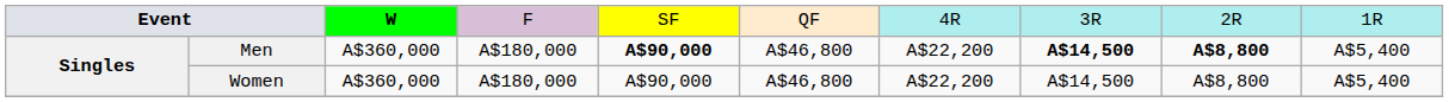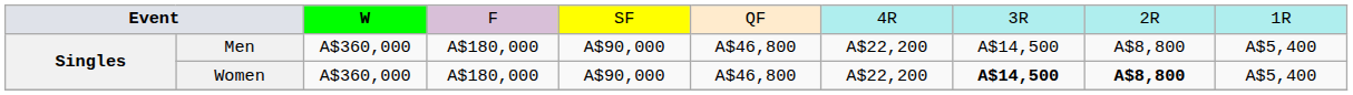 <table class=wikitable style=font-size:90%;text-align:center>
 <tr>
 <td width=200 colspan=2 bgcolor=#dfe2e9><strong>Event</strong></td>
 <td width=80 bgcolor=lime><strong>W</strong></td>
 <td width=85 bgcolor=#D8BFD8>F</td>
 <td width=85 bgcolor=#FFFF00>SF</td>
 <td width=85 bgcolor=#ffebcd>QF</td>
 <td width=85 bgcolor=#afeeee>4R</td>
 <td width=85 bgcolor=#afeeee>3R</td>
 <td width=85 bgcolor=#afeeee>2R</td>
 <td width=85 bgcolor=#afeeee>1R</td>
 </tr>
 <tr>
 <td rowspan=2 bgcolor=#f1f1f1><strong>Singles</strong> </td>
 <td bgcolor=#f1f1f1>Men</td>
 <td>A$360,000</td>
 <td>A$180,000</td>
-<td><strong>A$90,000</strong></td>
+<td>A$90,000</td>
 <td>A$46,800</td>
 <td>A$22,200</td>
-<td><strong>A$14,500</strong></td>
-<td><strong>A$8,800</strong></td>
+<td>A$14,500</td>
+<td>A$8,800</td>
 <td>A$5,400</td>
 </tr>
 <tr>
 <td bgcolor=#f1f1f1>Women</td>
 <td>A$360,000</td>
 <td>A$180,000</td>
 <td>A$90,000</td>
 <td>A$46,800</td>
 <td>A$22,200</td>
-<td>A$14,500</td>
-<td>A$8,800</td>
+<td><strong>A$14,500</strong></td>
+<td><strong>A$8,800</strong></td>
 <td>A$5,400</td>
 </tr>
 <tr>
 </tr>
 </table>
